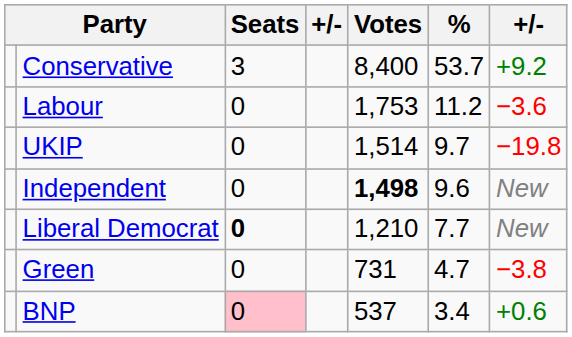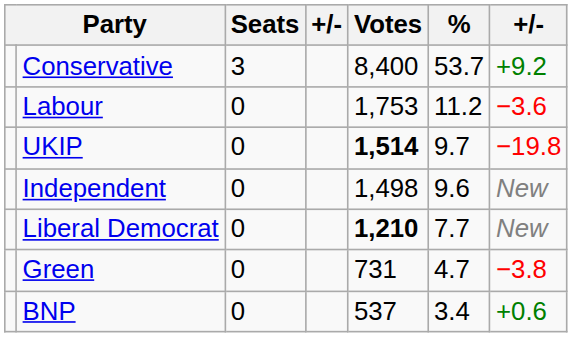 <table class="wikitable sortable">
 <tr>
 <th colspan="2">Party</th>
 <th>Seats</th>
 <th>+/-</th>
 <th>Votes</th>
 <th>%</th>
 <th>+/-</th>
 </tr>
 <tr>
 <td style="background-color: "></td>
 <td><a href='#'>Conservative</a></td>
 <td>3</td>
 <td></td>
 <td>8,400</td>
 <td>53.7</td>
 <td style="color:green">+9.2</td>
 </tr>
 <tr>
 <td style="background-color: "></td>
 <td><a href='#'>Labour</a></td>
 <td>0</td>
 <td></td>
 <td>1,753</td>
 <td>11.2</td>
 <td style="color:red">−3.6</td>
 </tr>
 <tr>
 <td style="background-color: "></td>
 <td><a href='#'>UKIP</a></td>
 <td>0</td>
 <td></td>
-<td>1,514</td>
+<td><strong>1,514</strong></td>
 <td>9.7</td>
 <td style="color:red">−19.8</td>
 </tr>
 <tr>
 <td style="background-color: "></td>
 <td><a href='#'>Independent</a></td>
 <td>0</td>
 <td></td>
-<td><strong>1,498</strong></td>
+<td>1,498</td>
 <td>9.6</td>
 <td style="color:grey"><em>New</em></td>
 </tr>
 <tr>
 <td style="background-color: "></td>
 <td><a href='#'>Liberal Democrat</a></td>
-<td><strong>0</strong></td>
+<td>0</td>
 <td></td>
-<td>1,210</td>
+<td><strong>1,210</strong></td>
 <td>7.7</td>
 <td style="color:grey"><em>New</em></td>
 </tr>
 <tr>
 <td style="background-color: "></td>
 <td><a href='#'>Green</a></td>
 <td>0</td>
 <td></td>
 <td>731</td>
 <td>4.7</td>
 <td style="color:red">−3.8</td>
 </tr>
 <tr>
 <td style="background-color: "></td>
 <td><a href='#'>BNP</a></td>
-<td style="background: pink;">0</td>
+<td>0</td>
 <td></td>
 <td>537</td>
 <td>3.4</td>
 <td style="color:green">+0.6</td>
 </tr>
 </table>
